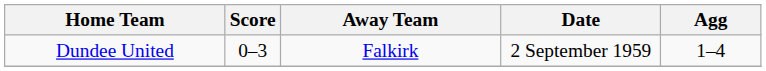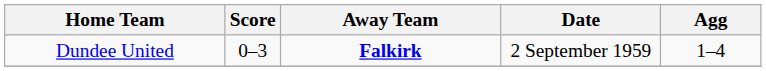 <table class="wikitable" style="text-align:center;">
 <tr>
 <th width=175>Home Team</th>
 <th width=20>Score</th>
 <th width=175>Away Team</th>
 <th width= 125>Date</th>
 <th width= 75>Agg</th>
 </tr>
 <tr>
 <td><a href='#'>Dundee United</a></td>
 <td>0–3</td>
-<td><a href='#'>Falkirk</a></td>
+<td><strong><a href='#'>Falkirk</a></strong></td>
 <td>2 September 1959</td>
 <td>1–4</td>
 </tr>
 <tr>
 </tr>
 </table>
